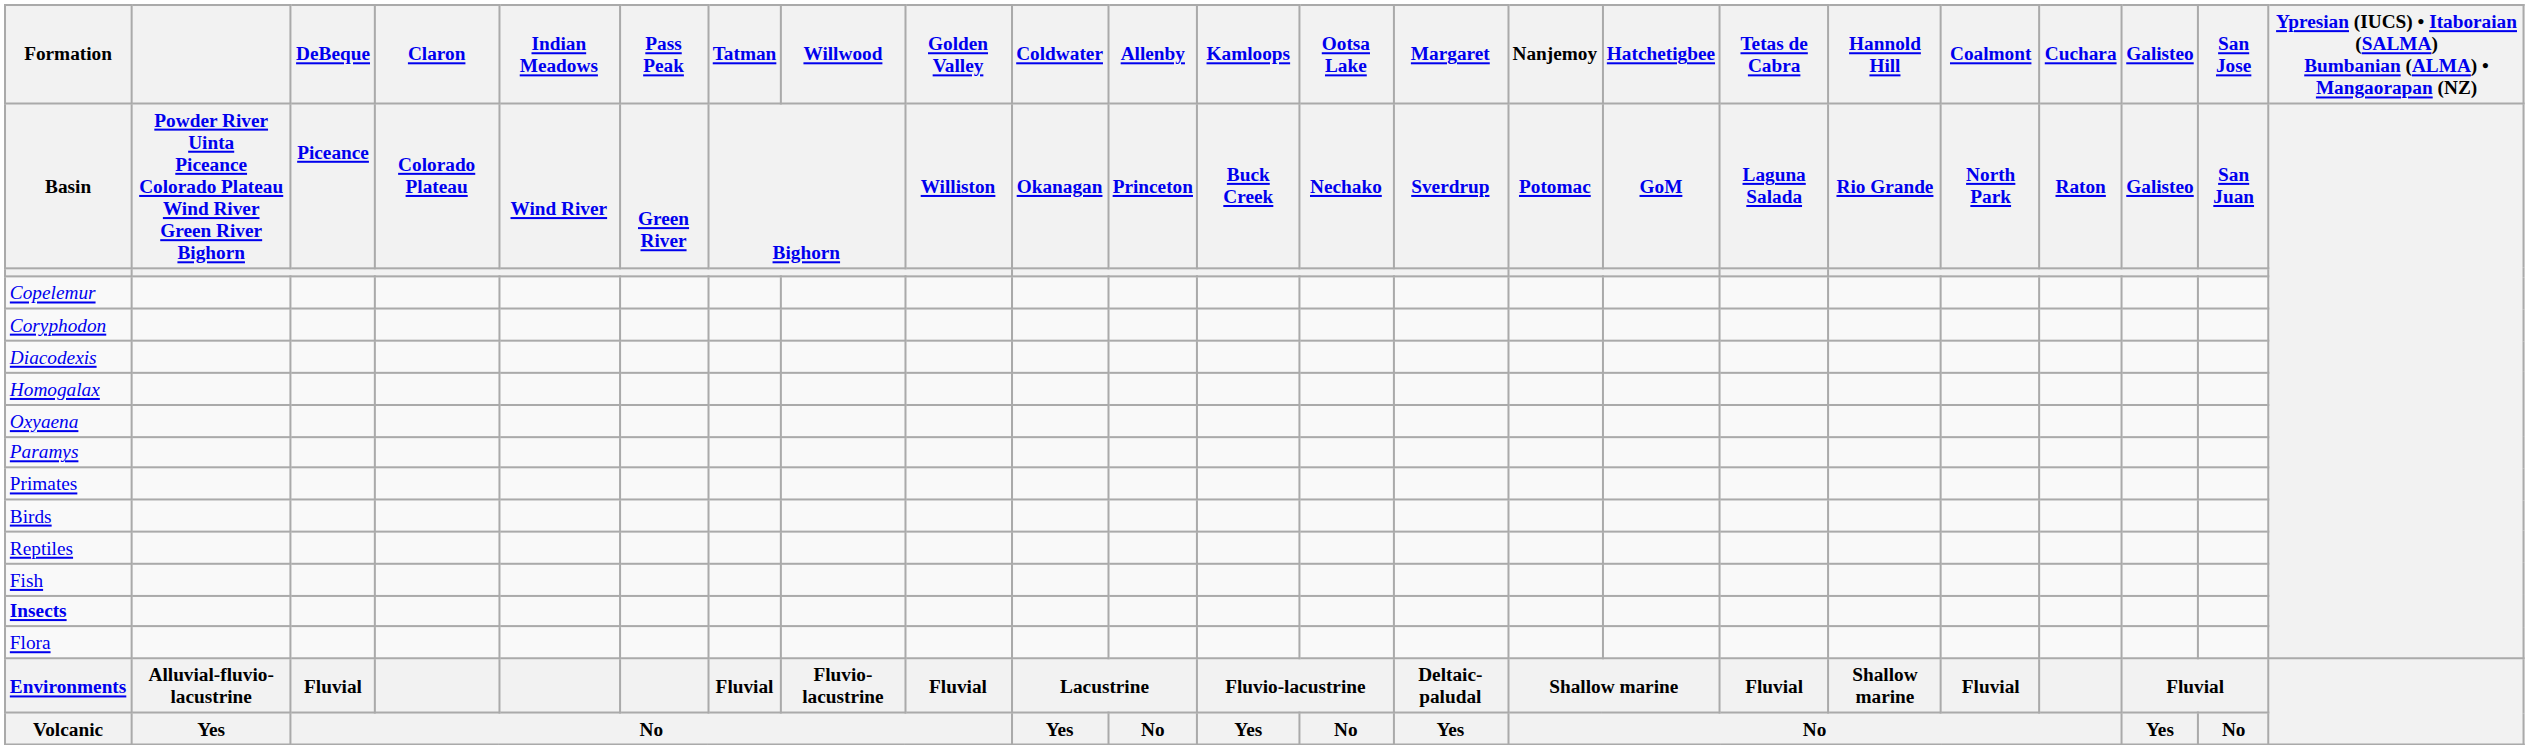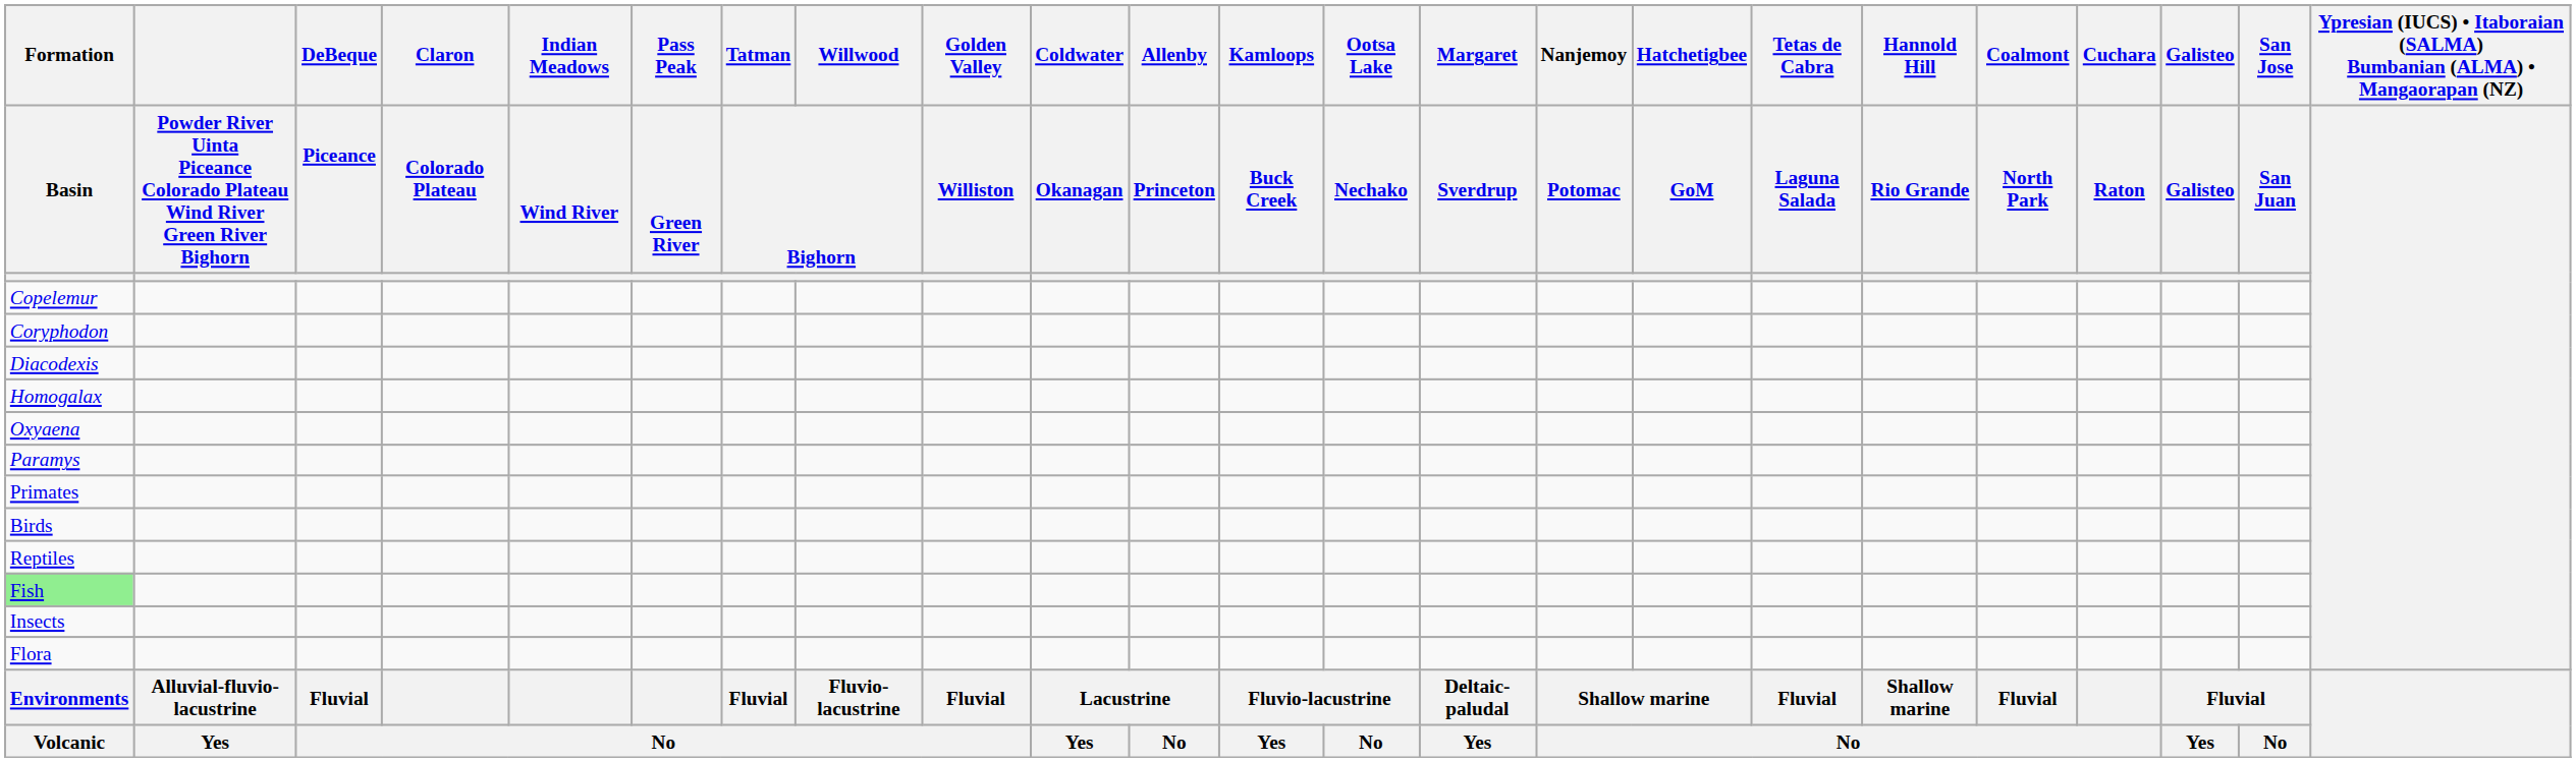 <table class="wikitable" style="font-size: 60%">
 <tr>
 <th>Formation</th>
 <th></th>
 <th><a href='#'>DeBeque</a></th>
 <th><a href='#'>Claron</a></th>
 <th><a href='#'>Indian Meadows</a></th>
 <th><a href='#'>Pass Peak</a></th>
 <th><a href='#'>Tatman</a></th>
 <th><a href='#'>Willwood</a></th>
 <th><a href='#'>Golden Valley</a></th>
 <th><a href='#'>Coldwater</a></th>
 <th><a href='#'>Allenby</a></th>
 <th><a href='#'>Kamloops</a></th>
 <th><a href='#'>Ootsa Lake</a></th>
 <th><a href='#'>Margaret</a></th>
 <th>Nanjemoy</th>
 <th><a href='#'>Hatchetigbee</a></th>
 <th><a href='#'>Tetas de Cabra</a></th>
 <th><a href='#'>Hannold Hill</a></th>
 <th><a href='#'>Coalmont</a></th>
 <th><a href='#'>Cuchara</a></th>
 <th><a href='#'>Galisteo</a></th>
 <th><a href='#'>San Jose</a></th>
 <th><a href='#'>Ypresian</a> (IUCS) • <a href='#'>Itaboraian</a> (<a href='#'>SALMA</a>)<br><a href='#'>Bumbanian</a> (<a href='#'>ALMA</a>) • <a href='#'>Mangaorapan</a> (NZ)</th>
 </tr>
 <tr>
 <th>Basin</th>
 <th><a href='#'>Powder River</a><br><a href='#'>Uinta</a><br><a href='#'>Piceance</a><br><a href='#'>Colorado Plateau</a><br><a href='#'>Wind River</a><br><a href='#'>Green River</a><br><a href='#'>Bighorn</a></th>
 <th><a href='#'>Piceance</a><br><br><br><br></th>
 <th><br><a href='#'>Colorado Plateau</a><br><br><br></th>
 <th><br><br><br><a href='#'>Wind River</a><br><br></th>
 <th><br><br><br><br><a href='#'>Green River</a><br></th>
 <th colspan=2><br><br><br><br><br><br><a href='#'>Bighorn</a></th>
 <th><a href='#'>Williston</a></th>
 <th><a href='#'>Okanagan</a></th>
 <th><a href='#'>Princeton</a></th>
 <th><a href='#'>Buck Creek</a></th>
 <th><a href='#'>Nechako</a></th>
 <th><a href='#'>Sverdrup</a></th>
 <th><a href='#'>Potomac</a></th>
 <th><a href='#'>GoM</a></th>
 <th><a href='#'>Laguna Salada</a></th>
 <th><a href='#'>Rio Grande</a></th>
 <th><a href='#'>North Park</a></th>
 <th><a href='#'>Raton</a></th>
 <th><a href='#'>Galisteo</a></th>
 <th><a href='#'>San Juan</a></th>
 <th align=center rowspan=14></th>
 </tr>
 <tr>
 <th></th>
 <th colspan=8></th>
 <th colspan=5></th>
 <th colspan=2></th>
 <th></th>
 <th colspan=5></th>
 </tr>
 <tr>
 <td><em><a href='#'>Copelemur</a></em></td>
 <td align=center></td>
 <td align=center></td>
 <td align=center></td>
 <td align=center></td>
 <td align=center></td>
 <td align=center></td>
 <td align=center></td>
 <td align=center></td>
 <td align=center></td>
 <td align=center></td>
 <td align=center></td>
 <td align=center></td>
 <td align=center></td>
 <td align=center></td>
 <td align=center></td>
 <td align=center></td>
 <td align=center></td>
 <td align=center></td>
 <td align=center></td>
 <td align=center></td>
 <td align=center></td>
 </tr>
 <tr>
 <td><em><a href='#'>Coryphodon</a></em></td>
 <td align=center></td>
 <td align=center></td>
 <td align=center></td>
 <td align=center></td>
 <td align=center></td>
 <td align=center></td>
 <td align=center></td>
 <td align=center></td>
 <td align=center></td>
 <td align=center></td>
 <td align=center></td>
 <td align=center></td>
 <td align=center></td>
 <td align=center></td>
 <td align=center></td>
 <td align=center></td>
 <td align=center></td>
 <td align=center></td>
 <td align=center></td>
 <td align=center></td>
 <td align=center></td>
 </tr>
 <tr>
 <td><em><a href='#'>Diacodexis</a></em></td>
 <td align=center></td>
 <td align=center></td>
 <td align=center></td>
 <td align=center></td>
 <td align=center></td>
 <td align=center></td>
 <td align=center></td>
 <td align=center></td>
 <td align=center></td>
 <td align=center></td>
 <td align=center></td>
 <td align=center></td>
 <td align=center></td>
 <td align=center></td>
 <td align=center></td>
 <td align=center></td>
 <td align=center></td>
 <td align=center></td>
 <td align=center></td>
 <td align=center></td>
 <td align=center></td>
 </tr>
 <tr>
 <td><em><a href='#'>Homogalax</a></em></td>
 <td align=center></td>
 <td align=center></td>
 <td align=center></td>
 <td align=center></td>
 <td align=center></td>
 <td align=center></td>
 <td align=center></td>
 <td align=center></td>
 <td align=center></td>
 <td align=center></td>
 <td align=center></td>
 <td align=center></td>
 <td align=center></td>
 <td align=center></td>
 <td align=center></td>
 <td align=center></td>
 <td align=center></td>
 <td align=center></td>
 <td align=center></td>
 <td align=center></td>
 <td align=center></td>
 </tr>
 <tr>
 <td><em><a href='#'>Oxyaena</a></em></td>
 <td align=center></td>
 <td align=center></td>
 <td align=center></td>
 <td align=center></td>
 <td align=center></td>
 <td align=center></td>
 <td align=center></td>
 <td align=center></td>
 <td align=center></td>
 <td align=center></td>
 <td align=center></td>
 <td align=center></td>
 <td align=center></td>
 <td align=center></td>
 <td align=center></td>
 <td align=center></td>
 <td align=center></td>
 <td align=center></td>
 <td align=center></td>
 <td align=center></td>
 <td align=center></td>
 </tr>
 <tr>
 <td><em><a href='#'>Paramys</a></em></td>
 <td align=center></td>
 <td align=center></td>
 <td align=center></td>
 <td align=center></td>
 <td align=center></td>
 <td align=center></td>
 <td align=center></td>
 <td align=center></td>
 <td align=center></td>
 <td align=center></td>
 <td align=center></td>
 <td align=center></td>
 <td align=center></td>
 <td align=center></td>
 <td align=center></td>
 <td align=center></td>
 <td align=center></td>
 <td align=center></td>
 <td align=center></td>
 <td align=center></td>
 <td align=center></td>
 </tr>
 <tr>
 <td><a href='#'>Primates</a></td>
 <td align=center></td>
 <td align=center></td>
 <td align=center></td>
 <td align=center></td>
 <td align=center></td>
 <td align=center></td>
 <td align=center></td>
 <td align=center></td>
 <td align=center></td>
 <td align=center></td>
 <td align=center></td>
 <td align=center></td>
 <td align=center></td>
 <td align=center></td>
 <td align=center></td>
 <td align=center></td>
 <td align=center></td>
 <td align=center></td>
 <td align=center></td>
 <td align=center></td>
 <td align=center></td>
 </tr>
 <tr>
 <td><a href='#'>Birds</a></td>
 <td align=center></td>
 <td align=center></td>
 <td align=center></td>
 <td align=center></td>
 <td align=center></td>
 <td align=center></td>
 <td align=center></td>
 <td align=center></td>
 <td align=center></td>
 <td align=center></td>
 <td align=center></td>
 <td align=center></td>
 <td align=center></td>
 <td align=center></td>
 <td align=center></td>
 <td align=center></td>
 <td align=center></td>
 <td align=center></td>
 <td align=center></td>
 <td align=center></td>
 <td align=center></td>
 </tr>
 <tr>
 <td><a href='#'>Reptiles</a></td>
 <td align=center></td>
 <td align=center></td>
 <td align=center></td>
 <td align=center></td>
 <td align=center></td>
 <td align=center></td>
 <td align=center></td>
 <td align=center></td>
 <td align=center></td>
 <td align=center></td>
 <td align=center></td>
 <td align=center></td>
 <td align=center></td>
 <td align=center></td>
 <td align=center></td>
 <td align=center></td>
 <td align=center></td>
 <td align=center></td>
 <td align=center></td>
 <td align=center></td>
 <td align=center></td>
 </tr>
 <tr>
-<td><a href='#'>Fish</a></td>
+<td style="background: lightgreen;"><a href='#'>Fish</a></td>
 <td align=center></td>
 <td align=center></td>
 <td align=center></td>
 <td align=center></td>
 <td align=center></td>
 <td align=center></td>
 <td align=center></td>
 <td align=center></td>
 <td align=center></td>
 <td align=center></td>
 <td align=center></td>
 <td align=center></td>
 <td align=center></td>
 <td align=center></td>
 <td align=center></td>
 <td align=center></td>
 <td align=center></td>
 <td align=center></td>
 <td align=center></td>
 <td align=center></td>
 <td align=center></td>
 </tr>
 <tr>
-<td><strong><a href='#'>Insects</a></strong></td>
+<td><a href='#'>Insects</a></td>
 <td align=center></td>
 <td align=center></td>
 <td align=center></td>
 <td align=center></td>
 <td align=center></td>
 <td align=center></td>
 <td align=center></td>
 <td align=center></td>
 <td align=center></td>
 <td align=center></td>
 <td align=center></td>
 <td align=center></td>
 <td align=center></td>
 <td align=center></td>
 <td align=center></td>
 <td align=center></td>
 <td align=center></td>
 <td align=center></td>
 <td align=center></td>
 <td align=center></td>
 <td align=center></td>
 </tr>
 <tr>
 <td><a href='#'>Flora</a></td>
 <td align=center></td>
 <td align=center></td>
 <td align=center></td>
 <td align=center></td>
 <td align=center></td>
 <td align=center></td>
 <td align=center></td>
 <td align=center></td>
 <td align=center></td>
 <td align=center></td>
 <td align=center></td>
 <td align=center></td>
 <td align=center></td>
 <td align=center></td>
 <td align=center></td>
 <td align=center></td>
 <td align=center></td>
 <td align=center></td>
 <td align=center></td>
 <td align=center></td>
 <td align=center></td>
 </tr>
 <tr>
 <th><a href='#'>Environments</a></th>
 <th>Alluvial-fluvio-lacustrine</th>
 <th>Fluvial</th>
 <th></th>
 <th></th>
 <th></th>
 <th>Fluvial</th>
 <th>Fluvio-lacustrine</th>
 <th>Fluvial</th>
 <th colspan=2>Lacustrine</th>
 <th colspan=2>Fluvio-lacustrine</th>
 <th>Deltaic-paludal</th>
 <th colspan=2>Shallow marine</th>
 <th>Fluvial</th>
 <th>Shallow marine</th>
 <th>Fluvial</th>
 <th></th>
 <th colspan=2>Fluvial</th>
 <th rowspan=2 align=left><br><br></th>
 </tr>
 <tr>
 <th>Volcanic</th>
 <th>Yes</th>
 <th colspan=7>No</th>
 <th>Yes</th>
 <th>No</th>
 <th>Yes</th>
 <th>No</th>
 <th>Yes</th>
 <th colspan=6>No</th>
 <th>Yes</th>
 <th>No</th>
 </tr>
 <tr>
 </tr>
 </table>
